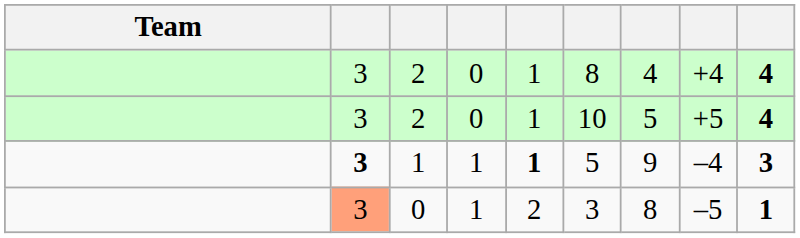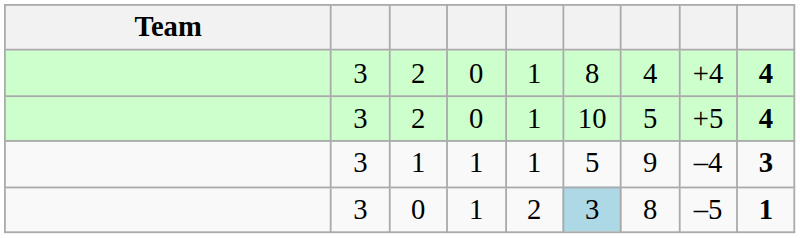 <table class="wikitable" style="text-align:center">
 <tr>
 <th width=175>Team</th>
 <th width=25></th>
 <th width=25></th>
 <th width=25></th>
 <th width=25></th>
 <th width=25></th>
 <th width=25></th>
 <th width=25></th>
 <th width=25></th>
 </tr>
 <tr align=center bgcolor=#ccffcc>
 <td align=left></td>
 <td>3</td>
 <td>2</td>
 <td>0</td>
 <td>1</td>
 <td>8</td>
 <td>4</td>
 <td>+4</td>
 <td><strong>4</strong></td>
 </tr>
 <tr align=center bgcolor=#ccffcc>
 <td align=left></td>
 <td>3</td>
 <td>2</td>
 <td>0</td>
 <td>1</td>
 <td>10</td>
 <td>5</td>
 <td>+5</td>
 <td><strong>4</strong></td>
 </tr>
 <tr>
 <td align=left></td>
-<td><strong>3</strong></td>
+<td>3</td>
 <td>1</td>
 <td>1</td>
-<td><strong>1</strong></td>
+<td>1</td>
 <td>5</td>
 <td>9</td>
 <td>–4</td>
 <td><strong>3</strong></td>
 </tr>
 <tr>
 <td align=left></td>
-<td style="background: lightsalmon;">3</td>
+<td>3</td>
 <td>0</td>
 <td>1</td>
 <td>2</td>
-<td>3</td>
+<td style="background: lightblue;">3</td>
 <td>8</td>
 <td>–5</td>
 <td><strong>1</strong></td>
 </tr>
 </table>
